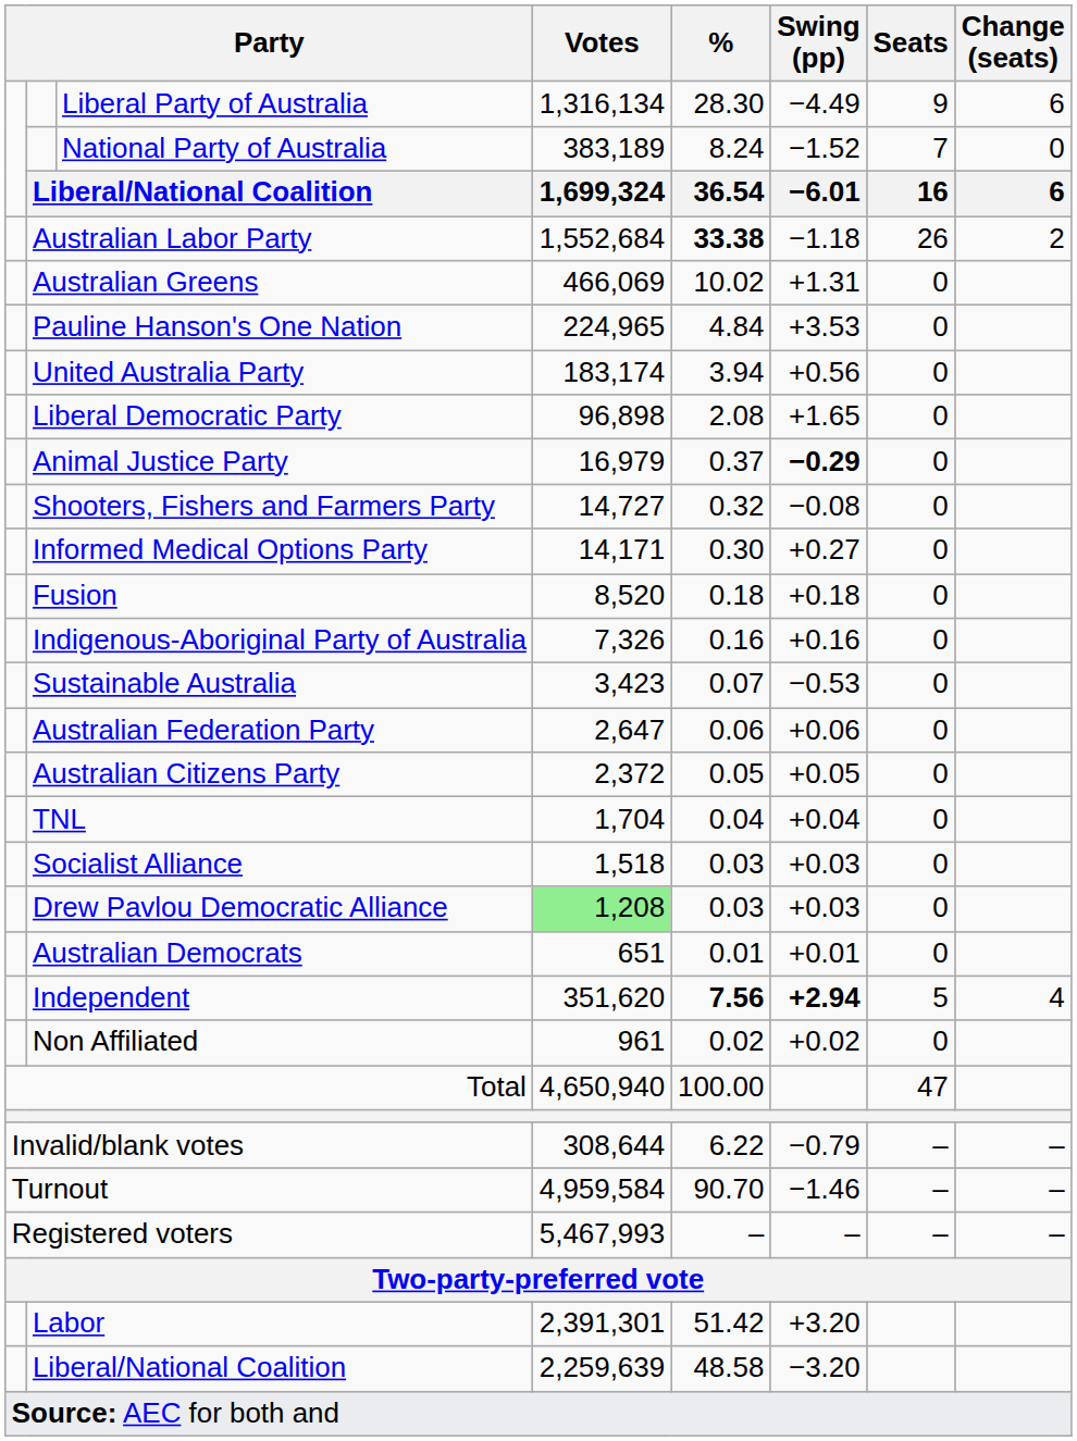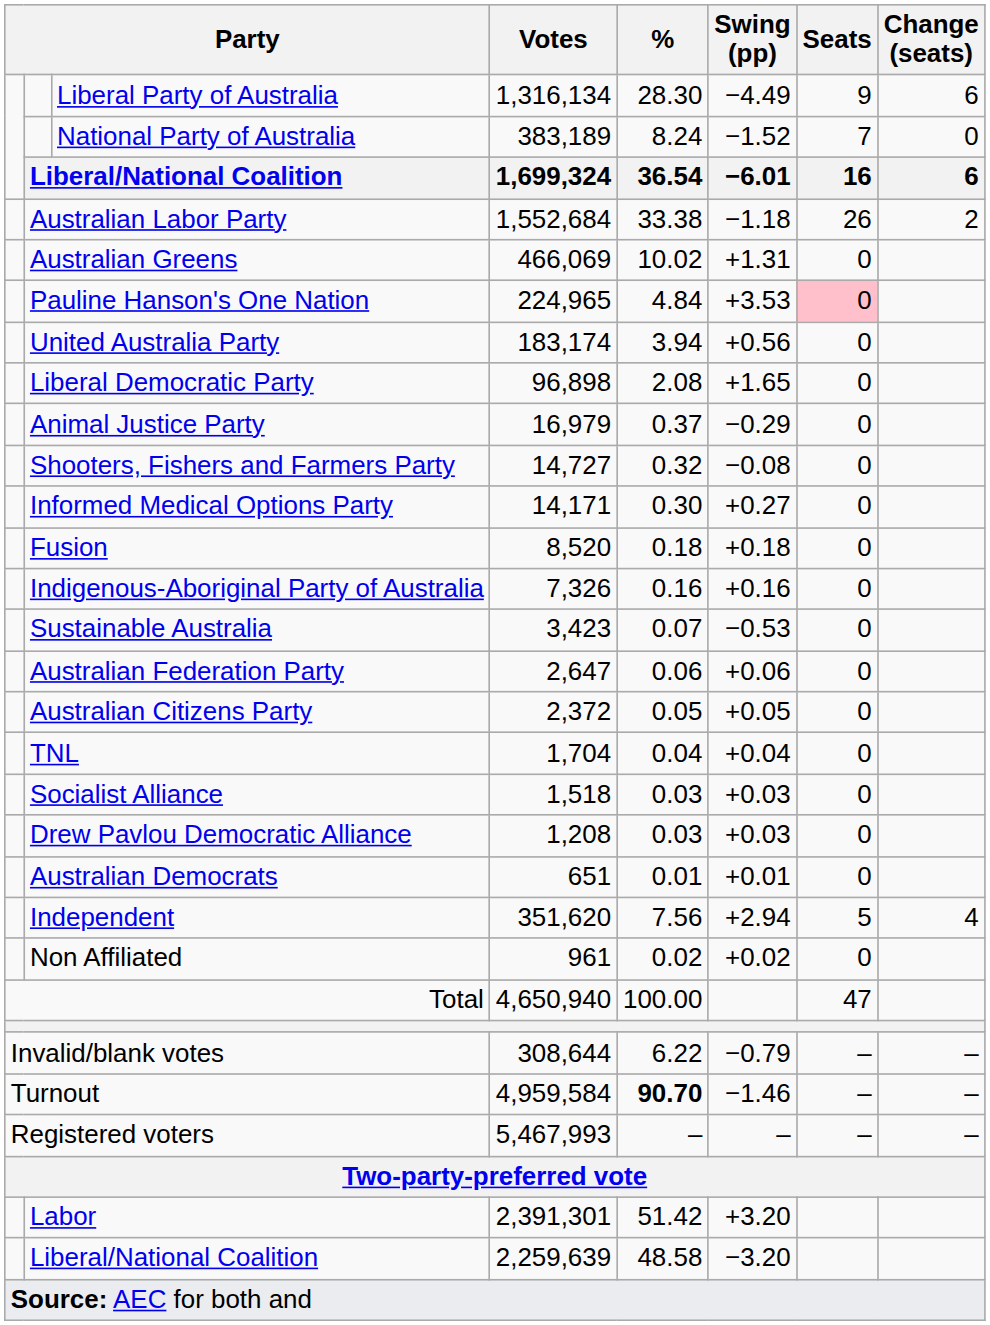 <table class="wikitable" style="text-align:right;  margin-bottom:0">
 <tr>
 <th style="width:200px" colspan=3>Party</th>
 <th style="width:70px;">Votes</th>
 <th style="width:40px;">%</th>
 <th style="width:40px;">Swing (pp)</th>
 <th style="width:40px;">Seats</th>
 <th style="width:40px;">Change (seats)</th>
 </tr>
 <tr>
 <td rowspan="3"> </td>
 <td> </td>
 <td align=left><a href='#'>Liberal Party of Australia</a></td>
 <td>1,316,134</td>
 <td>28.30</td>
 <td>−4.49</td>
 <td>9</td>
 <td> 6</td>
 </tr>
 <tr>
 <td> </td>
 <td align=left><a href='#'>National Party of Australia</a></td>
 <td>383,189</td>
 <td>8.24</td>
 <td>−1.52</td>
 <td>7</td>
 <td> 0</td>
 </tr>
 <tr>
 <th colspan="2" style="text-align:left;"><a href='#'>Liberal/National Coalition</a></th>
 <th style="text-align:right;">1,699,324</th>
 <th style="text-align:right;">36.54</th>
 <th style="text-align:right;">−6.01</th>
 <th style="text-align:right;">16</th>
 <th style="text-align:right;"> 6</th>
 </tr>
 <tr>
 <td> </td>
 <td style="text-align:left;" colspan="2"><a href='#'>Australian Labor Party</a></td>
 <td align=right>1,552,684</td>
-<td align=right><strong>33.38</strong></td>
+<td align=right>33.38</td>
 <td align=right>−1.18</td>
 <td align=right>26</td>
 <td align=right> 2</td>
 </tr>
 <tr>
 <td> </td>
 <td style="text-align:left;" colspan="2"><a href='#'>Australian Greens</a></td>
 <td align=right>466,069</td>
 <td align=right>10.02</td>
 <td align=right>+1.31</td>
 <td align=right>0</td>
 <td align=right></td>
 </tr>
 <tr>
 <td> </td>
 <td style="text-align:left;" colspan="2"><a href='#'>Pauline Hanson's One Nation</a></td>
 <td align=right>224,965</td>
 <td align=right>4.84</td>
 <td align=right>+3.53</td>
-<td align=right>0</td>
+<td align=right style="background: pink;">0</td>
 <td align=right></td>
 </tr>
 <tr>
 <td> </td>
 <td style="text-align:left;" colspan="2"><a href='#'>United Australia Party</a></td>
 <td align=right>183,174</td>
 <td align=right>3.94</td>
 <td align=right>+0.56</td>
 <td align=right>0</td>
 <td align=right></td>
 </tr>
 <tr>
 <td> </td>
 <td style="text-align:left;" colspan="2"><a href='#'>Liberal Democratic Party</a></td>
 <td align=right>96,898</td>
 <td align=right>2.08</td>
 <td align=right>+1.65</td>
 <td align=right>0</td>
 <td align=right></td>
 </tr>
 <tr>
 <td> </td>
 <td style="text-align:left;" colspan="2"><a href='#'>Animal Justice Party</a></td>
 <td align=right>16,979</td>
 <td align=right>0.37</td>
-<td align=right><strong>−0.29</strong></td>
+<td align=right>−0.29</td>
 <td align=right>0</td>
 <td align=right></td>
 </tr>
 <tr>
 <td> </td>
 <td style="text-align:left;" colspan="2"><a href='#'>Shooters, Fishers and Farmers Party</a></td>
 <td align=right>14,727</td>
 <td align=right>0.32</td>
 <td align=right>−0.08</td>
 <td align=right>0</td>
 <td align=right></td>
 </tr>
 <tr>
 <td> </td>
 <td style="text-align:left;" colspan="2"><a href='#'>Informed Medical Options Party</a></td>
 <td align=right>14,171</td>
 <td align=right>0.30</td>
 <td align=right>+0.27</td>
 <td align=right>0</td>
 <td align=right></td>
 </tr>
 <tr>
 <td> </td>
 <td style="text-align:left;" colspan="2"><a href='#'>Fusion</a></td>
 <td align=right>8,520</td>
 <td align=right>0.18</td>
 <td align=right>+0.18</td>
 <td align=right>0</td>
 <td align=right></td>
 </tr>
 <tr>
 <td> </td>
 <td style="text-align:left;" colspan="2"><a href='#'>Indigenous-Aboriginal Party of Australia</a></td>
 <td align=right>7,326</td>
 <td align=right>0.16</td>
 <td align=right>+0.16</td>
 <td align=right>0</td>
 <td align=right></td>
 </tr>
 <tr>
 <td> </td>
 <td style="text-align:left;" colspan="2"><a href='#'>Sustainable Australia</a></td>
 <td align=right>3,423</td>
 <td align=right>0.07</td>
 <td align=right>−0.53</td>
 <td align=right>0</td>
 <td align=right></td>
 </tr>
 <tr>
 <td> </td>
 <td style="text-align:left;" colspan="2"><a href='#'>Australian Federation Party</a></td>
 <td align=right>2,647</td>
 <td align=right>0.06</td>
 <td align=right>+0.06</td>
 <td align=right>0</td>
 <td align=right></td>
 </tr>
 <tr>
 <td> </td>
 <td style="text-align:left;" colspan="2"><a href='#'>Australian Citizens Party</a></td>
 <td align=right>2,372</td>
 <td align=right>0.05</td>
 <td align=right>+0.05</td>
 <td align=right>0</td>
 <td align=right></td>
 </tr>
 <tr>
 <td> </td>
 <td style="text-align:left;" colspan="2"><a href='#'>TNL</a></td>
 <td align=right>1,704</td>
 <td align=right>0.04</td>
 <td align=right>+0.04</td>
 <td align=right>0</td>
 <td align=right></td>
 </tr>
 <tr>
 <td> </td>
 <td style="text-align:left;" colspan="2"><a href='#'>Socialist Alliance</a></td>
 <td align=right>1,518</td>
 <td align=right>0.03</td>
 <td align=right>+0.03</td>
 <td align=right>0</td>
 <td align=right></td>
 </tr>
 <tr>
 <td> </td>
 <td style="text-align:left;" colspan="2"><a href='#'>Drew Pavlou Democratic Alliance</a></td>
-<td align=right style="background: lightgreen;">1,208</td>
+<td align=right>1,208</td>
 <td align=right>0.03</td>
 <td align=right>+0.03</td>
 <td align=right>0</td>
 <td align=right></td>
 </tr>
 <tr>
 <td> </td>
 <td style="text-align:left;" colspan="2"><a href='#'>Australian Democrats</a></td>
 <td align=right>651</td>
 <td align=right>0.01</td>
 <td align=right>+0.01</td>
 <td align=right>0</td>
 <td align=right></td>
 </tr>
 <tr>
 <td> </td>
 <td style="text-align:left;" colspan="2"><a href='#'>Independent</a></td>
 <td align=right>351,620</td>
-<td align=right><strong>7.56</strong></td>
-<td align=right><strong>+2.94</strong></td>
+<td align=right>7.56</td>
+<td align=right>+2.94</td>
 <td align=right>5</td>
 <td align=right> 4</td>
 </tr>
 <tr>
 <td> </td>
 <td style="text-align:left;" colspan="2">Non Affiliated</td>
 <td align=right>961</td>
 <td align=right>0.02</td>
 <td align=right>+0.02</td>
 <td align=right>0</td>
 <td align=right></td>
 </tr>
 <tr>
 <td colspan="3" align="right">Total</td>
 <td>4,650,940</td>
 <td>100.00</td>
 <td></td>
 <td>47</td>
 <td></td>
 </tr>
 <tr>
 <th colspan="9"></th>
 </tr>
 <tr>
 <td style="text-align:left;" colspan="3">Invalid/blank votes</td>
 <td>308,644</td>
 <td>6.22</td>
 <td>−0.79</td>
 <td>–</td>
 <td>–</td>
 </tr>
 <tr>
 <td style="text-align:left;" colspan="3">Turnout</td>
 <td>4,959,584</td>
-<td>90.70</td>
+<td><strong>90.70</strong></td>
 <td>−1.46</td>
 <td>–</td>
 <td>–</td>
 </tr>
 <tr>
 <td colspan="3" style="text-align:left;">Registered voters</td>
 <td>5,467,993</td>
 <td>–</td>
 <td>–</td>
 <td>–</td>
 <td>–</td>
 </tr>
 <tr>
 <th colspan="8"><a href='#'>Two-party-preferred vote</a></th>
 </tr>
 <tr>
 <td></td>
 <td colspan="2" style="text-align:left;"><a href='#'>Labor</a></td>
 <td>2,391,301</td>
 <td>51.42</td>
 <td>+3.20</td>
 <td></td>
 <td></td>
 </tr>
 <tr>
 <td></td>
 <td colspan="2" style="text-align:left;"><a href='#'>Liberal/National Coalition</a></td>
 <td>2,259,639</td>
 <td>48.58</td>
 <td>−3.20</td>
 <td></td>
 <td></td>
 </tr>
 <tr>
 <td style="text-align:left; background-color:#eaecf0" colspan="8"><strong>Source:</strong> <a href='#'>AEC</a> for both  and </td>
 </tr>
 </table>
